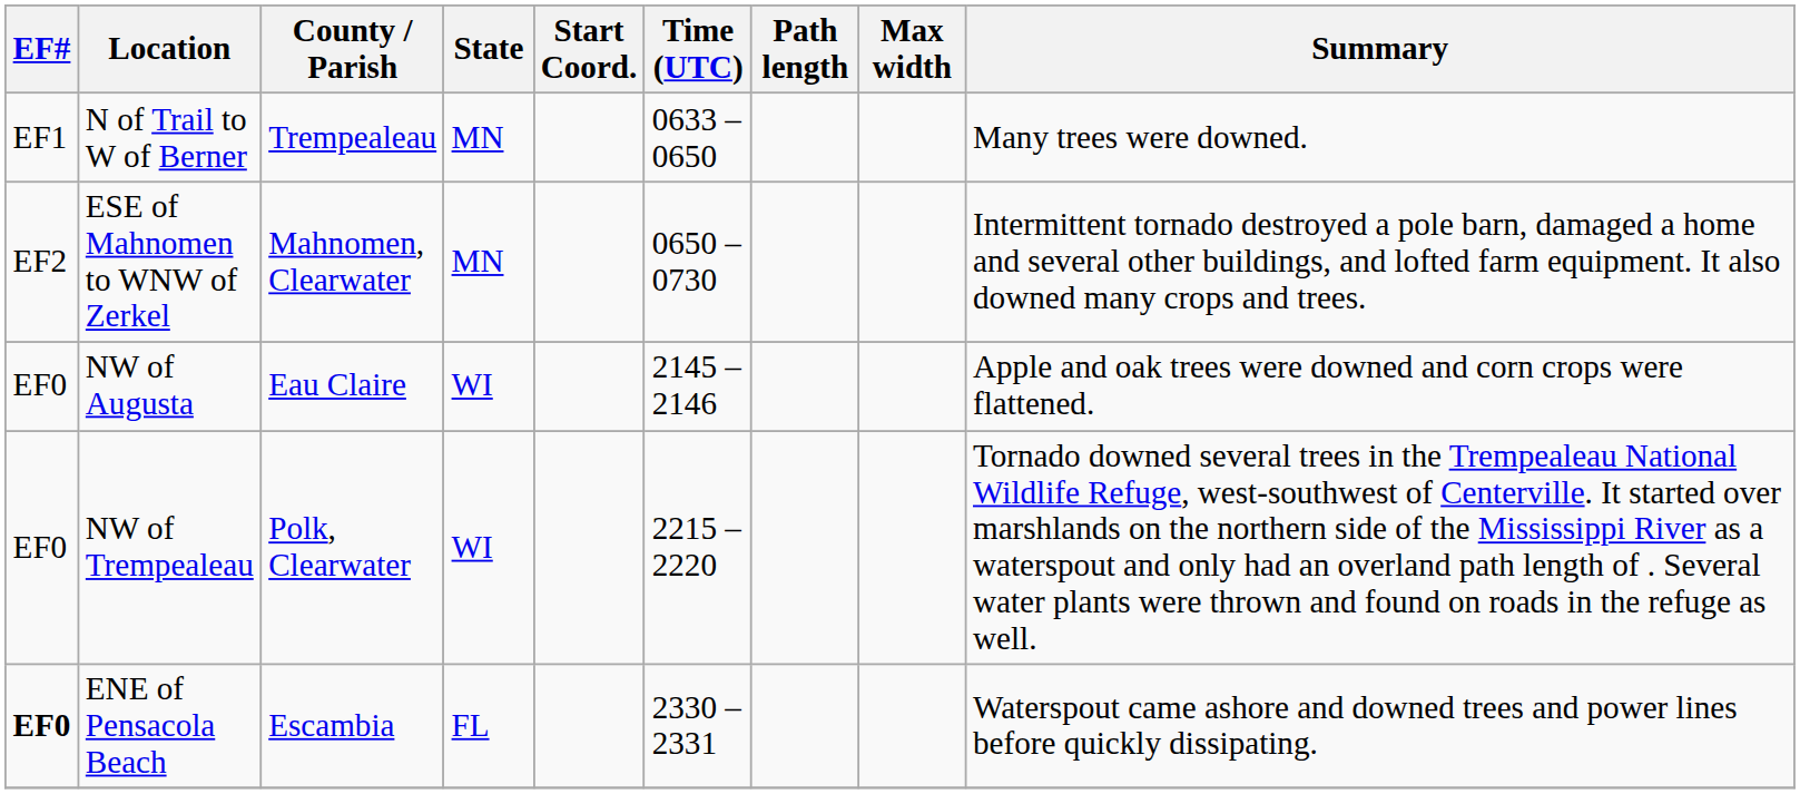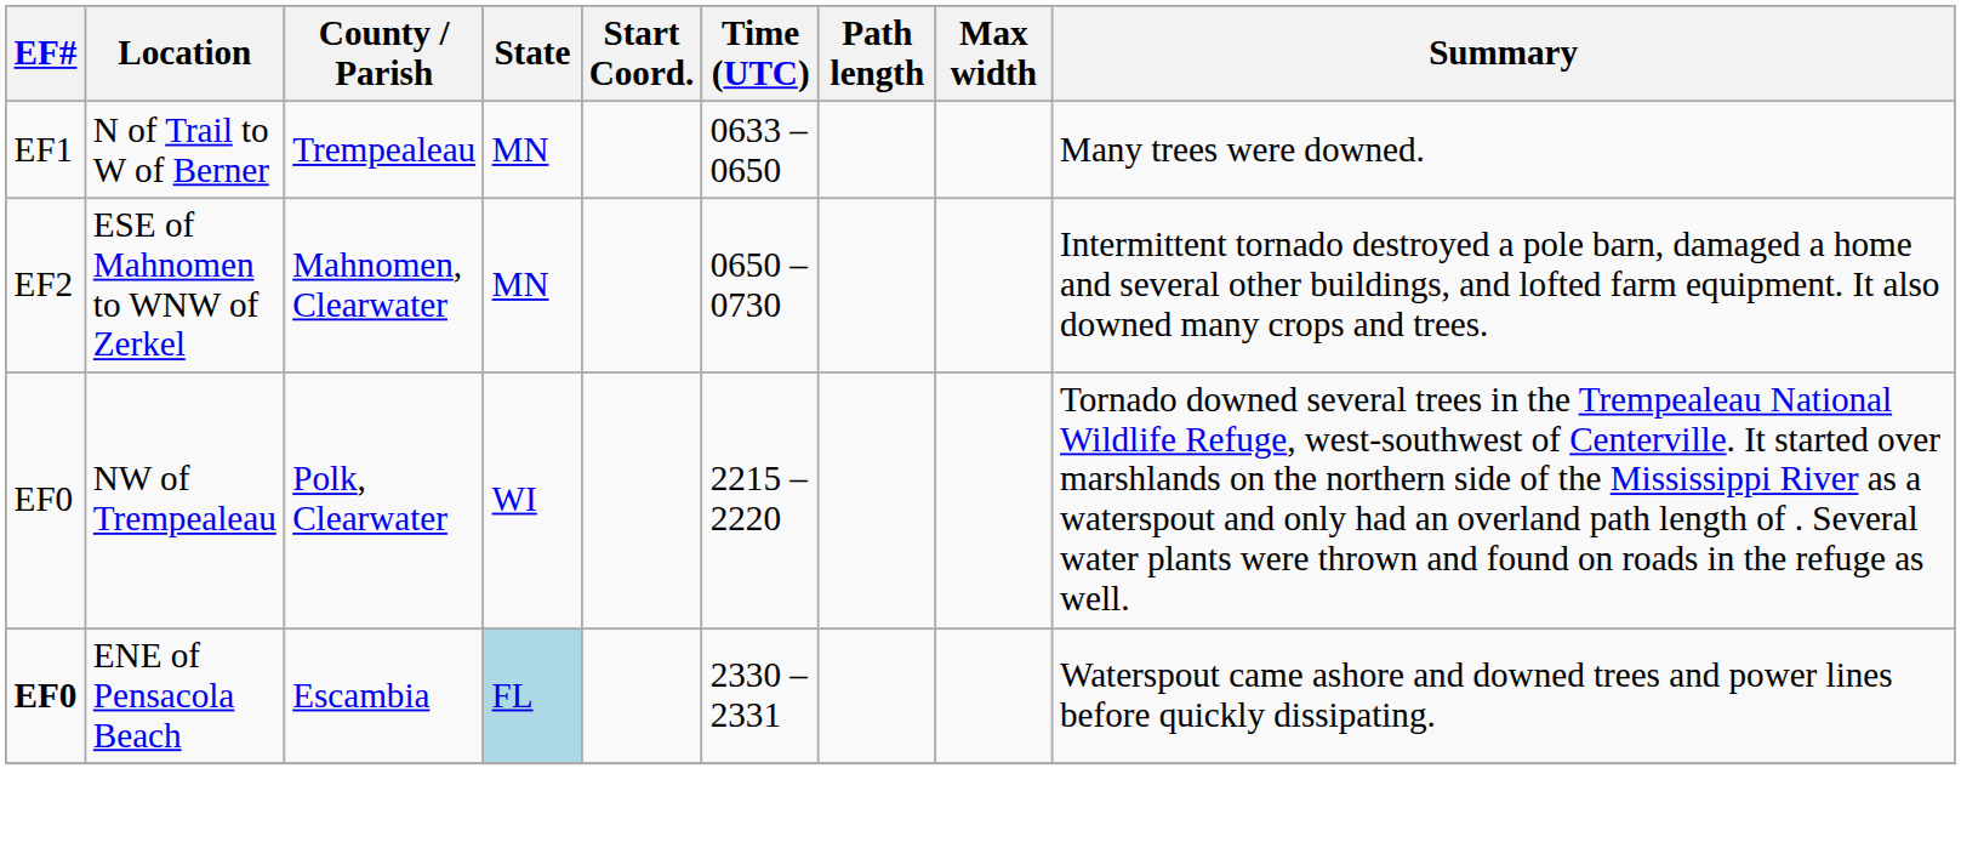 <table class="wikitable sortable" style="width:100%;">
 <tr>
 <th scope="col" width="3%" align="center"><a href='#'>EF#</a></th>
 <th scope="col" width="7%" align="center" class="unsortable">Location</th>
 <th scope="col" width="6%" align="center" class="unsortable">County / Parish</th>
 <th scope="col" width="5%" align="center">State</th>
 <th scope="col" width="6%" align="center">Start Coord.</th>
 <th scope="col" width="6%" align="center">Time (<a href='#'>UTC</a>)</th>
 <th scope="col" width="6%" align="center">Path length</th>
 <th scope="col" width="6%" align="center">Max width</th>
 <th scope="col" width="48%" class="unsortable" align="center">Summary</th>
 </tr>
 <tr>
 <td>EF1</td>
 <td>N of <a href='#'>Trail</a> to W of <a href='#'>Berner</a></td>
 <td><a href='#'>Trempealeau</a></td>
 <td><a href='#'>MN</a></td>
 <td></td>
 <td>0633 – 0650</td>
 <td></td>
 <td></td>
 <td>Many trees were downed.</td>
 </tr>
 <tr>
 <td>EF2</td>
 <td>ESE of <a href='#'>Mahnomen</a> to WNW of <a href='#'>Zerkel</a></td>
 <td><a href='#'>Mahnomen</a>, <a href='#'>Clearwater</a></td>
 <td><a href='#'>MN</a></td>
 <td></td>
 <td>0650 – 0730</td>
 <td></td>
 <td></td>
 <td>Intermittent tornado destroyed a pole barn, damaged a home and several other buildings, and lofted farm equipment. It also downed many crops and trees.</td>
 </tr>
 <tr>
 <td>EF0</td>
-<td>NW of <a href='#'>Augusta</a></td>
-<td><a href='#'>Eau Claire</a></td>
-<td><a href='#'>WI</a></td>
-<td></td>
-<td>2145 – 2146</td>
-<td></td>
-<td></td>
-<td>Apple and oak trees were downed and corn crops were flattened.</td>
-</tr>
-<tr>
-<td>EF0</td>
 <td>NW of <a href='#'>Trempealeau</a></td>
 <td><a href='#'>Polk</a>, <a href='#'>Clearwater</a></td>
 <td><a href='#'>WI</a></td>
 <td></td>
 <td>2215 – 2220</td>
 <td></td>
 <td></td>
 <td>Tornado downed several trees in the <a href='#'>Trempealeau National Wildlife Refuge</a>, west-southwest of <a href='#'>Centerville</a>. It started over marshlands on the northern side of the <a href='#'>Mississippi River</a> as a waterspout and only had an overland path length of . Several water plants were thrown and found on roads in the refuge as well.</td>
 </tr>
 <tr>
 <td><strong>EF0</strong></td>
 <td>ENE of <a href='#'>Pensacola Beach</a></td>
 <td><a href='#'>Escambia</a></td>
-<td><a href='#'>FL</a></td>
+<td style="background: lightblue;"><a href='#'>FL</a></td>
 <td></td>
 <td>2330 – 2331</td>
 <td></td>
 <td></td>
 <td>Waterspout came ashore and downed trees and power lines before quickly dissipating.</td>
 </tr>
 <tr>
 </tr>
 </table>
